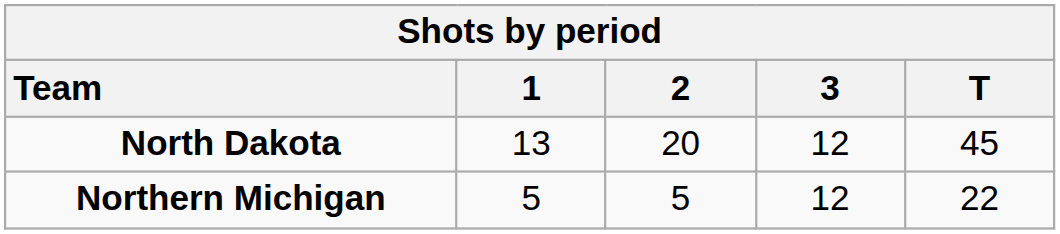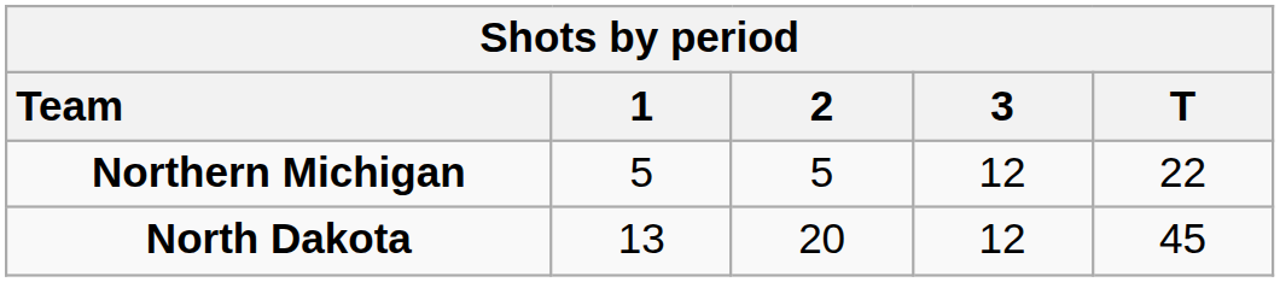 <table class="wikitable" style="width:30em; text-align:right;">
 <tr>
 <th colspan=5>Shots by period</th>
 </tr>
 <tr>
 <th style="width:10em; text-align:left;">Team</th>
 <th style="width:3em;">1</th>
 <th style="width:3em;">2</th>
 <th style="width:3em;">3</th>
 <th style="width:3em;">T</th>
 </tr>
 <tr>
+<td align=center><strong>Northern Michigan</strong></td>
+<td align=center>5</td>
+<td align=center>5</td>
+<td align=center>12</td>
+<td align=center>22</td>
+</tr>
+<tr>
 <td align=center><strong>North Dakota</strong></td>
 <td align=center>13</td>
 <td align=center>20</td>
 <td align=center>12</td>
 <td align=center>45</td>
 </tr>
-<tr>
-<td align=center><strong>Northern Michigan</strong></td>
-<td align=center>5</td>
-<td align=center>5</td>
-<td align=center>12</td>
-<td align=center>22</td>
-</tr>
 </table>
